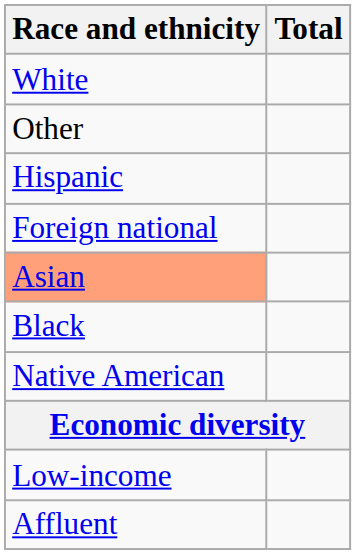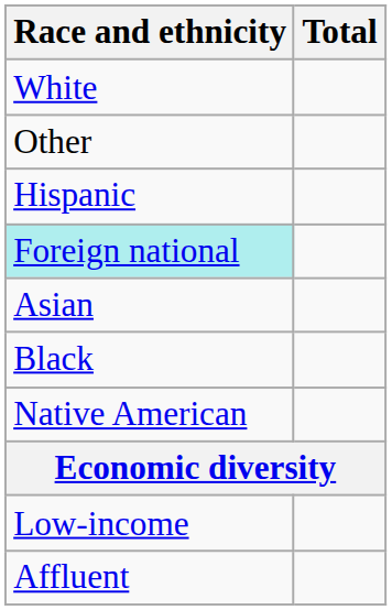 <table class="wikitable floatright sortable collapsible"; text-align:right; font-size:80%;">
 <tr>
 <th>Race and ethnicity</th>
 <th colspan="2" data-sort-type=number>Total</th>
 </tr>
 <tr>
 <td><a href='#'>White</a></td>
 <td align=right></td>
 </tr>
 <tr>
 <td>Other</td>
 <td align=right></td>
 </tr>
 <tr>
 <td><a href='#'>Hispanic</a></td>
 <td align=right></td>
 </tr>
 <tr>
-<td><a href='#'>Foreign national</a></td>
+<td style="background: paleturquoise;"><a href='#'>Foreign national</a></td>
 <td align=right></td>
 </tr>
 <tr>
-<td style="background: lightsalmon;"><a href='#'>Asian</a></td>
+<td><a href='#'>Asian</a></td>
 <td align=right></td>
 </tr>
 <tr>
 <td><a href='#'>Black</a></td>
 <td align=right></td>
 </tr>
 <tr>
 <td><a href='#'>Native American</a></td>
 <td align=right></td>
 </tr>
 <tr>
 <th colspan="4" data-sort-type=number><a href='#'>Economic diversity</a></th>
 </tr>
 <tr>
 <td><a href='#'>Low-income</a></td>
 <td align=right></td>
 </tr>
 <tr>
 <td><a href='#'>Affluent</a></td>
 <td align=right></td>
 </tr>
 </table>
